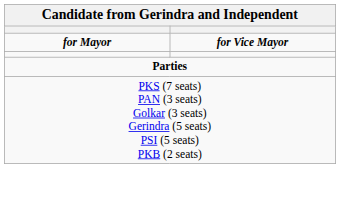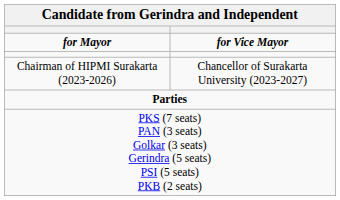 <table class="wikitable" style="font-size:90%; text-align:center;">
 <tr>
 <td colspan=2 style="background:#f1f1f1;"><strong><big> Candidate from Gerindra and Independent</big></strong></td>
 </tr>
 <tr>
 <th style="width:3em; font-size:135%; background:#"><a href='#'></a></th>
 <th style="width:3em; font-size:135%; background:#"><a href='#'></a></th>
 </tr>
 <tr style="color:#000; font-size:100%; background:#">
 <td style="width:3em; width:200px;"><strong><em>for Mayor</em></strong></td>
 <td style="width:3em; width:200px;"><strong><em>for Vice Mayor</em></strong></td>
 </tr>
 <tr>
 <td></td>
 <td></td>
 </tr>
 <tr>
+<td>Chairman of HIPMI Surakarta (2023-2026)</td>
+<td>Chancellor of Surakarta University (2023-2027)</td>
+</tr>
+<tr>
 <td colspan=2 style="background:#"><strong>Parties</strong></td>
 </tr>
 <tr>
 <td colspan=2> <a href='#'>PKS</a> (7 seats)<br><a href='#'>PAN</a> (3 seats)<br><a href='#'>Golkar</a> (3 seats)<br><a href='#'>Gerindra</a> (5 seats)<br><a href='#'>PSI</a> (5 seats)<br><a href='#'>PKB</a> (2 seats)</td>
 </tr>
 </table>
